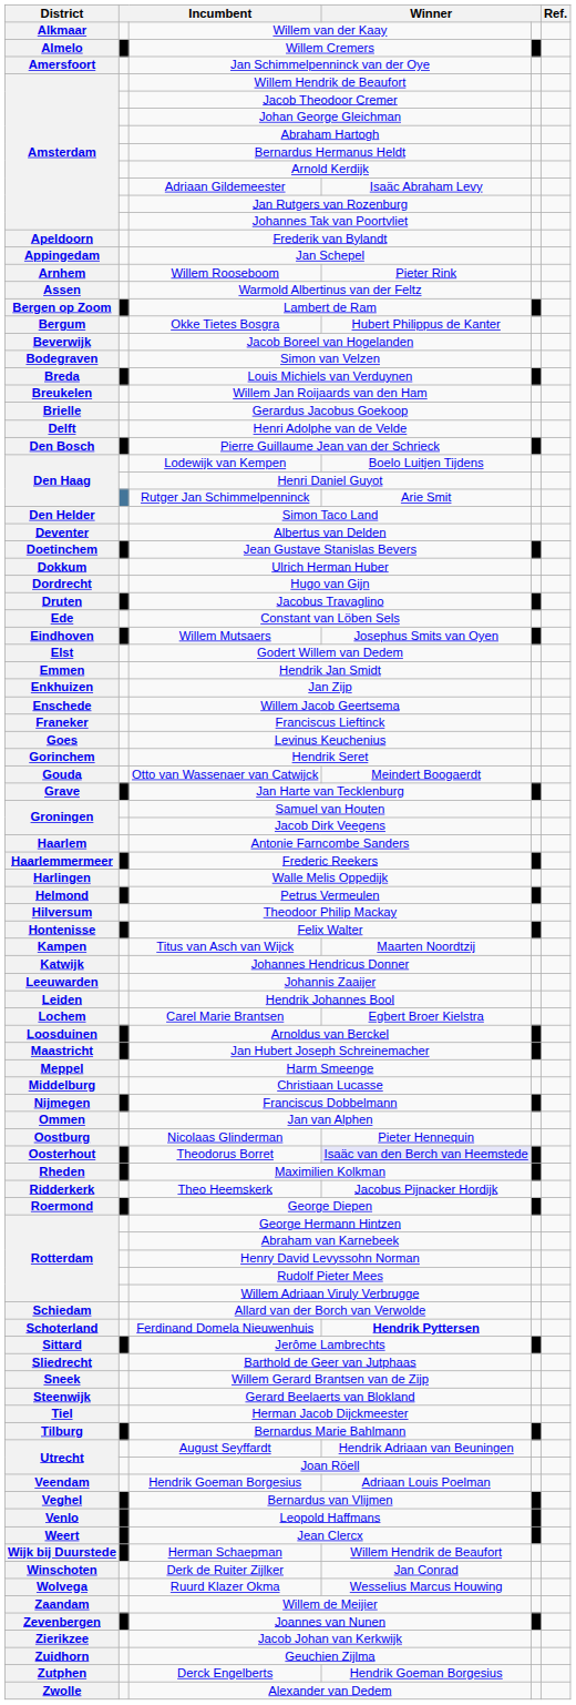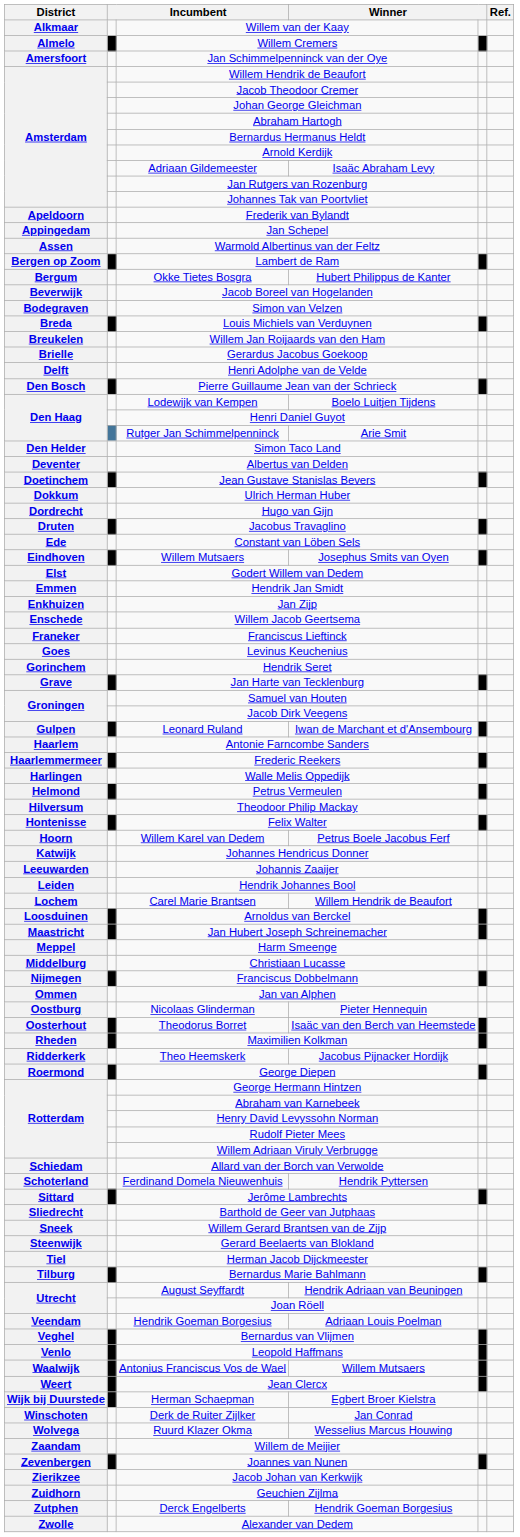 <table class="wikitable" style="font-size:95%;line-height:14px;text-align:center">
 <tr>
 <th>District</th>
 <th colspan=2>Incumbent</th>
 <th colspan=2>Winner</th>
 <th>Ref.</th>
 </tr>
 <tr>
 <th><a href='#'>Alkmaar</a></th>
 <td style="width:5px; background:"></td>
 <td colspan=2><a href='#'>Willem van der Kaay</a></td>
 <td style="width:5px; background:"></td>
 <td></td>
 </tr>
 <tr>
 <th><a href='#'>Almelo</a></th>
 <td style="width:5px; background:black"></td>
 <td colspan=2><a href='#'>Willem Cremers</a></td>
 <td style="width:5px; background:black"></td>
 <td></td>
 </tr>
 <tr>
 <th><a href='#'>Amersfoort</a></th>
 <td style="width:5px; background:"></td>
 <td colspan=2><a href='#'>Jan Schimmelpenninck van der Oye</a></td>
 <td style="width:5px; background:"></td>
 <td></td>
 </tr>
 <tr>
 <th rowspan=9><a href='#'>Amsterdam</a></th>
 <td style="width:5px; background:"></td>
 <td colspan=2><a href='#'>Willem Hendrik de Beaufort</a></td>
 <td style="width:5px; background:"></td>
 <td></td>
 </tr>
 <tr>
 <td style="width:5px; background:"></td>
 <td colspan=2><a href='#'>Jacob Theodoor Cremer</a></td>
 <td style="width:5px; background:"></td>
 <td></td>
 </tr>
 <tr>
 <td style="width:5px; background:"></td>
 <td colspan=2><a href='#'>Johan George Gleichman</a></td>
 <td style="width:5px; background:"></td>
 <td></td>
 </tr>
 <tr>
 <td style="width:5px; background:"></td>
 <td colspan=2><a href='#'>Abraham Hartogh</a></td>
 <td style="width:5px; background:"></td>
 <td></td>
 </tr>
 <tr>
 <td style="width:5px; background:"></td>
 <td colspan=2><a href='#'>Bernardus Hermanus Heldt</a></td>
 <td style="width:5px; background:"></td>
 <td></td>
 </tr>
 <tr>
 <td style="width:5px; background:"></td>
 <td colspan=2><a href='#'>Arnold Kerdijk</a></td>
 <td style="width:5px; background:"></td>
 <td></td>
 </tr>
 <tr>
 <td style="width:5px; background:"></td>
 <td><a href='#'>Adriaan Gildemeester</a></td>
 <td><a href='#'>Isaäc Abraham Levy</a></td>
 <td style="width:5px; background:"></td>
 <td></td>
 </tr>
 <tr>
 <td style="width:5px; background:"></td>
 <td colspan=2><a href='#'>Jan Rutgers van Rozenburg</a></td>
 <td style="width:5px; background:"></td>
 <td></td>
 </tr>
 <tr>
 <td style="width:5px; background:"></td>
 <td colspan=2><a href='#'>Johannes Tak van Poortvliet</a></td>
 <td style="width:5px; background:"></td>
 <td></td>
 </tr>
 <tr>
 <th><a href='#'>Apeldoorn</a></th>
 <td style="width:5px; background:"></td>
 <td colspan=2><a href='#'>Frederik van Bylandt</a></td>
 <td style="width:5px; background:"></td>
 <td></td>
 </tr>
 <tr>
 <th><a href='#'>Appingedam</a></th>
 <td style="width:5px; background:"></td>
 <td colspan=2><a href='#'>Jan Schepel</a></td>
-<td style="width:5px; background:"></td>
-<td></td>
-</tr>
-<tr>
-<th><a href='#'>Arnhem</a></th>
-<td style="width:5px; background:"></td>
-<td><a href='#'>Willem Rooseboom</a></td>
-<td><a href='#'>Pieter Rink</a></td>
 <td style="width:5px; background:"></td>
 <td></td>
 </tr>
 <tr>
 <th><a href='#'>Assen</a></th>
 <td style="width:5px; background:"></td>
 <td colspan=2><a href='#'>Warmold Albertinus van der Feltz</a></td>
 <td style="width:5px; background:"></td>
 <td></td>
 </tr>
 <tr>
 <th><a href='#'>Bergen op Zoom</a></th>
 <td style="width:5px; background:black"></td>
 <td colspan=2><a href='#'>Lambert de Ram</a></td>
 <td style="width:5px; background:black"></td>
 <td></td>
 </tr>
 <tr>
 <th><a href='#'>Bergum</a></th>
 <td style="width:5px; background:"></td>
 <td><a href='#'>Okke Tietes Bosgra</a></td>
 <td><a href='#'>Hubert Philippus de Kanter</a></td>
 <td style="width:5px; background:"></td>
 <td></td>
 </tr>
 <tr>
 <th><a href='#'>Beverwijk</a></th>
 <td style="width:5px; background:"></td>
 <td colspan=2><a href='#'>Jacob Boreel van Hogelanden</a></td>
 <td style="width:5px; background:"></td>
 <td></td>
 </tr>
 <tr>
 <th><a href='#'>Bodegraven</a></th>
 <td style="width:5px; background:"></td>
 <td colspan=2><a href='#'>Simon van Velzen</a></td>
 <td style="width:5px; background:"></td>
 <td></td>
 </tr>
 <tr>
 <th><a href='#'>Breda</a></th>
 <td style="width:5px; background:black"></td>
 <td colspan=2><a href='#'>Louis Michiels van Verduynen</a></td>
 <td style="width:5px; background:black"></td>
 <td></td>
 </tr>
 <tr>
 <th><a href='#'>Breukelen</a></th>
 <td style="width:5px; background:"></td>
 <td colspan=2><a href='#'>Willem Jan Roijaards van den Ham</a></td>
 <td style="width:5px; background:"></td>
 <td></td>
 </tr>
 <tr>
 <th><a href='#'>Brielle</a></th>
 <td style="width:5px; background:"></td>
 <td colspan=2><a href='#'>Gerardus Jacobus Goekoop</a></td>
 <td style="width:5px; background:"></td>
 <td></td>
 </tr>
 <tr>
 <th><a href='#'>Delft</a></th>
 <td style="width:5px; background:"></td>
 <td colspan=2><a href='#'>Henri Adolphe van de Velde</a></td>
 <td style="width:5px; background:"></td>
 <td></td>
 </tr>
 <tr>
 <th><a href='#'>Den Bosch</a></th>
 <td style="width:5px; background:black"></td>
 <td colspan=2><a href='#'>Pierre Guillaume Jean van der Schrieck</a></td>
 <td style="width:5px; background:black"></td>
 <td></td>
 </tr>
 <tr>
 <th rowspan=3><a href='#'>Den Haag</a></th>
 <td style="width:5px; background:"></td>
 <td><a href='#'>Lodewijk van Kempen</a></td>
 <td><a href='#'>Boelo Luitjen Tijdens</a></td>
 <td style="width:5px; background:"></td>
 <td></td>
 </tr>
 <tr>
 <td style="width:5px; background:"></td>
 <td colspan=2><a href='#'>Henri Daniel Guyot</a></td>
 <td style="width:5px; background:"></td>
 <td></td>
 </tr>
 <tr>
 <td style="width:5px; background:#437599"></td>
 <td><a href='#'>Rutger Jan Schimmelpenninck</a></td>
 <td><a href='#'>Arie Smit</a></td>
 <td style="width:5px; background:"></td>
 <td></td>
 </tr>
 <tr>
 <th><a href='#'>Den Helder</a></th>
 <td style="width:5px; background:"></td>
 <td colspan=2><a href='#'>Simon Taco Land</a></td>
 <td style="width:5px; background:"></td>
 <td></td>
 </tr>
 <tr>
 <th><a href='#'>Deventer</a></th>
 <td style="width:5px; background:"></td>
 <td colspan=2><a href='#'>Albertus van Delden</a></td>
 <td style="width:5px; background:"></td>
 <td></td>
 </tr>
 <tr>
 <th><a href='#'>Doetinchem</a></th>
 <td style="width:5px; background:black"></td>
 <td colspan=2><a href='#'>Jean Gustave Stanislas Bevers</a></td>
 <td style="width:5px; background:black"></td>
 <td></td>
 </tr>
 <tr>
 <th><a href='#'>Dokkum</a></th>
 <td style="width:5px; background:"></td>
 <td colspan=2><a href='#'>Ulrich Herman Huber</a></td>
 <td style="width:5px; background:"></td>
 <td></td>
 </tr>
 <tr>
 <th><a href='#'>Dordrecht</a></th>
 <td style="width:5px; background:"></td>
 <td colspan=2><a href='#'>Hugo van Gijn</a></td>
 <td style="width:5px; background:"></td>
 <td></td>
 </tr>
 <tr>
 <th><a href='#'>Druten</a></th>
 <td style="width:5px; background:black"></td>
 <td colspan=2><a href='#'>Jacobus Travaglino</a></td>
 <td style="width:5px; background:black"></td>
 <td></td>
 </tr>
 <tr>
 <th><a href='#'>Ede</a></th>
 <td style="width:5px; background:"></td>
 <td colspan=2><a href='#'>Constant van Löben Sels</a></td>
 <td style="width:5px; background:"></td>
 <td></td>
 </tr>
 <tr>
 <th><a href='#'>Eindhoven</a></th>
 <td style="width:5px; background:black"></td>
 <td><a href='#'>Willem Mutsaers</a></td>
 <td><a href='#'>Josephus Smits van Oyen</a></td>
 <td style="width:5px; background:black"></td>
 <td></td>
 </tr>
 <tr>
 <th><a href='#'>Elst</a></th>
 <td style="width:5px; background:"></td>
 <td colspan=2><a href='#'>Godert Willem van Dedem</a></td>
 <td style="width:5px; background:"></td>
 <td></td>
 </tr>
 <tr>
 <th><a href='#'>Emmen</a></th>
 <td style="width:5px; background:"></td>
 <td colspan=2><a href='#'>Hendrik Jan Smidt</a></td>
 <td style="width:5px; background:"></td>
 <td></td>
 </tr>
 <tr>
 <th><a href='#'>Enkhuizen</a></th>
 <td style="width:5px; background:"></td>
 <td colspan=2><a href='#'>Jan Zijp</a></td>
 <td style="width:5px; background:"></td>
 <td></td>
 </tr>
 <tr>
 <th><a href='#'>Enschede</a></th>
 <td style="width:5px; background:"></td>
 <td colspan=2><a href='#'>Willem Jacob Geertsema</a></td>
 <td style="width:5px; background:"></td>
 <td></td>
 </tr>
 <tr>
 <th><a href='#'>Franeker</a></th>
 <td style="width:5px; background:"></td>
 <td colspan=2><a href='#'>Franciscus Lieftinck</a></td>
 <td style="width:5px; background:"></td>
 <td></td>
 </tr>
 <tr>
 <th><a href='#'>Goes</a></th>
 <td style="width:5px; background:"></td>
 <td colspan=2><a href='#'>Levinus Keuchenius</a></td>
 <td style="width:5px; background:"></td>
 <td></td>
 </tr>
 <tr>
 <th><a href='#'>Gorinchem</a></th>
 <td style="width:5px; background:"></td>
 <td colspan=2><a href='#'>Hendrik Seret</a></td>
 <td style="width:5px; background:"></td>
 <td></td>
 </tr>
 <tr>
-<th><a href='#'>Gouda</a></th>
-<td style="width:5px; background:"></td>
-<td><a href='#'>Otto van Wassenaer van Catwijck</a></td>
-<td><a href='#'>Meindert Boogaerdt</a></td>
-<td style="width:5px; background:"></td>
-<td></td>
-</tr>
-<tr>
 <th><a href='#'>Grave</a></th>
 <td style="width:5px; background:black"></td>
 <td colspan=2><a href='#'>Jan Harte van Tecklenburg</a></td>
 <td style="width:5px; background:black"></td>
 <td></td>
 </tr>
 <tr>
 <th rowspan=2><a href='#'>Groningen</a></th>
 <td style="width:5px; background:"></td>
 <td colspan=2><a href='#'>Samuel van Houten</a></td>
 <td style="width:5px; background:"></td>
 <td></td>
 </tr>
 <tr>
 <td style="width:5px; background:"></td>
 <td colspan=2><a href='#'>Jacob Dirk Veegens</a></td>
 <td style="width:5px; background:"></td>
+<td></td>
+</tr>
+<tr>
+<th><a href='#'>Gulpen</a></th>
+<td style="width:5px; background:black"></td>
+<td><a href='#'>Leonard Ruland</a></td>
+<td><a href='#'>Iwan de Marchant et d'Ansembourg</a></td>
+<td style="width:5px; background:black"></td>
 <td></td>
 </tr>
 <tr>
 <th><a href='#'>Haarlem</a></th>
 <td style="width:5px; background:"></td>
 <td colspan=2><a href='#'>Antonie Farncombe Sanders</a></td>
 <td style="width:5px; background:"></td>
 <td></td>
 </tr>
 <tr>
 <th><a href='#'>Haarlemmermeer</a></th>
 <td style="width:5px; background:black"></td>
 <td colspan=2><a href='#'>Frederic Reekers</a></td>
 <td style="width:5px; background:black"></td>
 <td></td>
 </tr>
 <tr>
 <th><a href='#'>Harlingen</a></th>
 <td style="width:5px; background:"></td>
 <td colspan=2><a href='#'>Walle Melis Oppedijk</a></td>
 <td style="width:5px; background:"></td>
 <td></td>
 </tr>
 <tr>
 <th><a href='#'>Helmond</a></th>
 <td style="width:5px; background:black"></td>
 <td colspan=2><a href='#'>Petrus Vermeulen</a></td>
 <td style="width:5px; background:black"></td>
 <td></td>
 </tr>
 <tr>
 <th><a href='#'>Hilversum</a></th>
 <td style="width:5px; background:"></td>
 <td colspan=2><a href='#'>Theodoor Philip Mackay</a></td>
 <td style="width:5px; background:"></td>
 <td></td>
 </tr>
 <tr>
 <th><a href='#'>Hontenisse</a></th>
 <td style="width:5px; background:black"></td>
 <td colspan=2><a href='#'>Felix Walter</a></td>
 <td style="width:5px; background:black"></td>
 <td></td>
 </tr>
 <tr>
-<th><a href='#'>Kampen</a></th>
+<th><a href='#'>Hoorn</a></th>
 <td style="width:5px; background:"></td>
-<td><a href='#'>Titus van Asch van Wijck</a></td>
-<td><a href='#'>Maarten Noordtzij</a></td>
+<td><a href='#'>Willem Karel van Dedem</a></td>
+<td><a href='#'>Petrus Boele Jacobus Ferf</a></td>
 <td style="width:5px; background:"></td>
 <td></td>
 </tr>
 <tr>
 <th><a href='#'>Katwijk</a></th>
 <td style="width:5px; background:"></td>
 <td colspan=2><a href='#'>Johannes Hendricus Donner</a></td>
 <td style="width:5px; background:"></td>
 <td></td>
 </tr>
 <tr>
 <th><a href='#'>Leeuwarden</a></th>
 <td style="width:5px; background:"></td>
 <td colspan=2><a href='#'>Johannis Zaaijer</a></td>
 <td style="width:5px; background:"></td>
 <td></td>
 </tr>
 <tr>
 <th><a href='#'>Leiden</a></th>
 <td style="width:5px; background:"></td>
 <td colspan=2><a href='#'>Hendrik Johannes Bool</a></td>
 <td style="width:5px; background:"></td>
 <td></td>
 </tr>
 <tr>
 <th><a href='#'>Lochem</a></th>
 <td style="width:5px; background:"></td>
 <td><a href='#'>Carel Marie Brantsen</a></td>
-<td><a href='#'>Egbert Broer Kielstra</a></td>
+<td><a href='#'>Willem Hendrik de Beaufort</a></td>
 <td style="width:5px; background:"></td>
 <td></td>
 </tr>
 <tr>
 <th><a href='#'>Loosduinen</a></th>
 <td style="width:5px; background:black"></td>
 <td colspan=2><a href='#'>Arnoldus van Berckel</a></td>
 <td style="width:5px; background:black"></td>
 <td></td>
 </tr>
 <tr>
 <th><a href='#'>Maastricht</a></th>
 <td style="width:5px; background:black"></td>
 <td colspan=2><a href='#'>Jan Hubert Joseph Schreinemacher</a></td>
 <td style="width:5px; background:black"></td>
 <td></td>
 </tr>
 <tr>
 <th><a href='#'>Meppel</a></th>
 <td style="width:5px; background:"></td>
 <td colspan=2><a href='#'>Harm Smeenge</a></td>
 <td style="width:5px; background:"></td>
 <td></td>
 </tr>
 <tr>
 <th><a href='#'>Middelburg</a></th>
 <td style="width:5px; background:"></td>
 <td colspan=2><a href='#'>Christiaan Lucasse</a></td>
 <td style="width:5px; background:"></td>
 <td></td>
 </tr>
 <tr>
 <th><a href='#'>Nijmegen</a></th>
 <td style="width:5px; background:black"></td>
 <td colspan=2><a href='#'>Franciscus Dobbelmann</a></td>
 <td style="width:5px; background:black"></td>
 <td></td>
 </tr>
 <tr>
 <th><a href='#'>Ommen</a></th>
 <td style="width:5px; background:"></td>
 <td colspan=2><a href='#'>Jan van Alphen</a></td>
 <td style="width:5px; background:"></td>
 <td></td>
 </tr>
 <tr>
 <th><a href='#'>Oostburg</a></th>
 <td style="width:5px; background:"></td>
 <td><a href='#'>Nicolaas Glinderman</a></td>
 <td><a href='#'>Pieter Hennequin</a></td>
 <td style="width:5px; background:"></td>
 <td></td>
 </tr>
 <tr>
 <th><a href='#'>Oosterhout</a></th>
 <td style="width:5px; background:black"></td>
 <td><a href='#'>Theodorus Borret</a></td>
-<td style="background: lavender;"><a href='#'>Isaäc van den Berch van Heemstede</a></td>
+<td><a href='#'>Isaäc van den Berch van Heemstede</a></td>
 <td style="width:5px; background:black"></td>
 <td></td>
 </tr>
 <tr>
 <th><a href='#'>Rheden</a></th>
 <td style="width:5px; background:black"></td>
 <td colspan=2><a href='#'>Maximilien Kolkman</a></td>
 <td style="width:5px; background:black"></td>
 <td></td>
 </tr>
 <tr>
 <th><a href='#'>Ridderkerk</a></th>
 <td style="width:5px; background:"></td>
 <td><a href='#'>Theo Heemskerk</a></td>
 <td><a href='#'>Jacobus Pijnacker Hordijk</a></td>
 <td style="width:5px; background:"></td>
 <td></td>
 </tr>
 <tr>
 <th><a href='#'>Roermond</a></th>
 <td style="width:5px; background:black"></td>
 <td colspan=2><a href='#'>George Diepen</a></td>
 <td style="width:5px; background:black"></td>
 <td></td>
 </tr>
 <tr>
 <th rowspan=5><a href='#'>Rotterdam</a></th>
 <td style="width:5px; background:"></td>
 <td colspan=2><a href='#'>George Hermann Hintzen</a></td>
 <td style="width:5px; background:"></td>
 <td></td>
 </tr>
 <tr>
 <td style="width:5px; background:"></td>
 <td colspan=2><a href='#'>Abraham van Karnebeek</a></td>
 <td style="width:5px; background:"></td>
 <td></td>
 </tr>
 <tr>
 <td style="width:5px; background:"></td>
 <td colspan=2><a href='#'>Henry David Levyssohn Norman</a></td>
 <td style="width:5px; background:"></td>
 <td></td>
 </tr>
 <tr>
 <td style="width:5px; background:"></td>
 <td colspan=2><a href='#'>Rudolf Pieter Mees</a></td>
 <td style="width:5px; background:"></td>
 <td></td>
 </tr>
 <tr>
 <td style="width:5px; background:"></td>
 <td colspan=2><a href='#'>Willem Adriaan Viruly Verbrugge</a></td>
 <td style="width:5px; background:"></td>
 <td></td>
 </tr>
 <tr>
 <th><a href='#'>Schiedam</a></th>
 <td style="width:5px; background:"></td>
 <td colspan=2><a href='#'>Allard van der Borch van Verwolde</a></td>
 <td style="width:5px; background:"></td>
 <td></td>
 </tr>
 <tr>
 <th><a href='#'>Schoterland</a></th>
 <td style="width:5px; background:"></td>
 <td><a href='#'>Ferdinand Domela Nieuwenhuis</a></td>
-<td><strong><a href='#'>Hendrik Pyttersen</a></strong></td>
+<td><a href='#'>Hendrik Pyttersen</a></td>
 <td style="width:5px; background:"></td>
 <td></td>
 </tr>
 <tr>
 <th><a href='#'>Sittard</a></th>
 <td style="width:5px; background:black"></td>
 <td colspan=2><a href='#'>Jerôme Lambrechts</a></td>
 <td style="width:5px; background:black"></td>
 <td></td>
 </tr>
 <tr>
 <th><a href='#'>Sliedrecht</a></th>
 <td style="width:5px; background:"></td>
 <td colspan=2><a href='#'>Barthold de Geer van Jutphaas</a></td>
 <td style="width:5px; background:"></td>
 <td></td>
 </tr>
 <tr>
 <th><a href='#'>Sneek</a></th>
 <td style="width:5px; background:"></td>
 <td colspan=2><a href='#'>Willem Gerard Brantsen van de Zijp</a></td>
 <td style="width:5px; background:"></td>
 <td></td>
 </tr>
 <tr>
 <th><a href='#'>Steenwijk</a></th>
 <td style="width:5px; background:"></td>
 <td colspan=2><a href='#'>Gerard Beelaerts van Blokland</a></td>
 <td style="width:5px; background:"></td>
 <td></td>
 </tr>
 <tr>
 <th><a href='#'>Tiel</a></th>
 <td style="width:5px; background:"></td>
 <td colspan=2><a href='#'>Herman Jacob Dijckmeester</a></td>
 <td style="width:5px; background:"></td>
 <td></td>
 </tr>
 <tr>
 <th><a href='#'>Tilburg</a></th>
 <td style="width:5px; background:black"></td>
 <td colspan=2><a href='#'>Bernardus Marie Bahlmann</a></td>
 <td style="width:5px; background:black"></td>
 <td></td>
 </tr>
 <tr>
 <th rowspan=2><a href='#'>Utrecht</a></th>
 <td style="width:5px; background:"></td>
 <td><a href='#'>August Seyffardt</a></td>
 <td><a href='#'>Hendrik Adriaan van Beuningen</a></td>
 <td style="width:5px; background:"></td>
 <td></td>
 </tr>
 <tr>
 <td style="width:5px; background:"></td>
 <td colspan=2><a href='#'>Joan Röell</a></td>
 <td style="width:5px; background:"></td>
 <td></td>
 </tr>
 <tr>
 <th><a href='#'>Veendam</a></th>
 <td style="width:5px; background:"></td>
 <td><a href='#'>Hendrik Goeman Borgesius</a></td>
 <td><a href='#'>Adriaan Louis Poelman</a></td>
 <td style="width:5px; background:"></td>
 <td></td>
 </tr>
 <tr>
 <th><a href='#'>Veghel</a></th>
 <td style="width:5px; background:black"></td>
 <td colspan=2><a href='#'>Bernardus van Vlijmen</a></td>
 <td style="width:5px; background:black"></td>
 <td></td>
 </tr>
 <tr>
 <th><a href='#'>Venlo</a></th>
 <td style="width:5px; background:black"></td>
 <td colspan=2><a href='#'>Leopold Haffmans</a></td>
 <td style="width:5px; background:black"></td>
 <td></td>
 </tr>
 <tr>
+<th><a href='#'>Waalwijk</a></th>
+<td style="width:5px; background:black"></td>
+<td><a href='#'>Antonius Franciscus Vos de Wael</a></td>
+<td><a href='#'>Willem Mutsaers</a></td>
+<td style="width:5px; background:black"></td>
+<td></td>
+</tr>
+<tr>
 <th><a href='#'>Weert</a></th>
 <td style="width:5px; background:black"></td>
 <td colspan=2><a href='#'>Jean Clercx</a></td>
 <td style="width:5px; background:black"></td>
 <td></td>
 </tr>
 <tr>
 <th><a href='#'>Wijk bij Duurstede</a></th>
 <td style="width:5px; background:black"></td>
 <td><a href='#'>Herman Schaepman</a></td>
-<td><a href='#'>Willem Hendrik de Beaufort</a></td>
+<td><a href='#'>Egbert Broer Kielstra</a></td>
 <td style="width:5px; background:"></td>
 <td></td>
 </tr>
 <tr>
 <th><a href='#'>Winschoten</a></th>
 <td style="width:5px; background:"></td>
 <td><a href='#'>Derk de Ruiter Zijlker</a></td>
 <td><a href='#'>Jan Conrad</a></td>
 <td style="width:5px; background:"></td>
 <td></td>
 </tr>
 <tr>
 <th><a href='#'>Wolvega</a></th>
 <td style="width:5px; background:"></td>
 <td><a href='#'>Ruurd Klazer Okma</a></td>
 <td><a href='#'>Wesselius Marcus Houwing</a></td>
 <td style="width:5px; background:"></td>
 <td></td>
 </tr>
 <tr>
 <th><a href='#'>Zaandam</a></th>
 <td style="width:5px; background:"></td>
 <td colspan=2><a href='#'>Willem de Meijier</a></td>
 <td style="width:5px; background:"></td>
 <td></td>
 </tr>
 <tr>
 <th><a href='#'>Zevenbergen</a></th>
 <td style="width:5px; background:black"></td>
 <td colspan=2><a href='#'>Joannes van Nunen</a></td>
 <td style="width:5px; background:black"></td>
 <td></td>
 </tr>
 <tr>
 <th><a href='#'>Zierikzee</a></th>
 <td style="width:5px; background:"></td>
 <td colspan=2><a href='#'>Jacob Johan van Kerkwijk</a></td>
 <td style="width:5px; background:"></td>
 <td></td>
 </tr>
 <tr>
 <th><a href='#'>Zuidhorn</a></th>
 <td style="width:5px; background:"></td>
 <td colspan=2><a href='#'>Geuchien Zijlma</a></td>
 <td style="width:5px; background:"></td>
 <td></td>
 </tr>
 <tr>
 <th><a href='#'>Zutphen</a></th>
 <td style="width:5px; background:"></td>
 <td><a href='#'>Derck Engelberts</a></td>
 <td><a href='#'>Hendrik Goeman Borgesius</a></td>
 <td style="width:5px; background:"></td>
 <td></td>
 </tr>
 <tr>
 <th><a href='#'>Zwolle</a></th>
 <td style="width:5px; background:"></td>
 <td colspan=2><a href='#'>Alexander van Dedem</a></td>
 <td style="width:5px; background:"></td>
 <td></td>
 </tr>
 </table>
